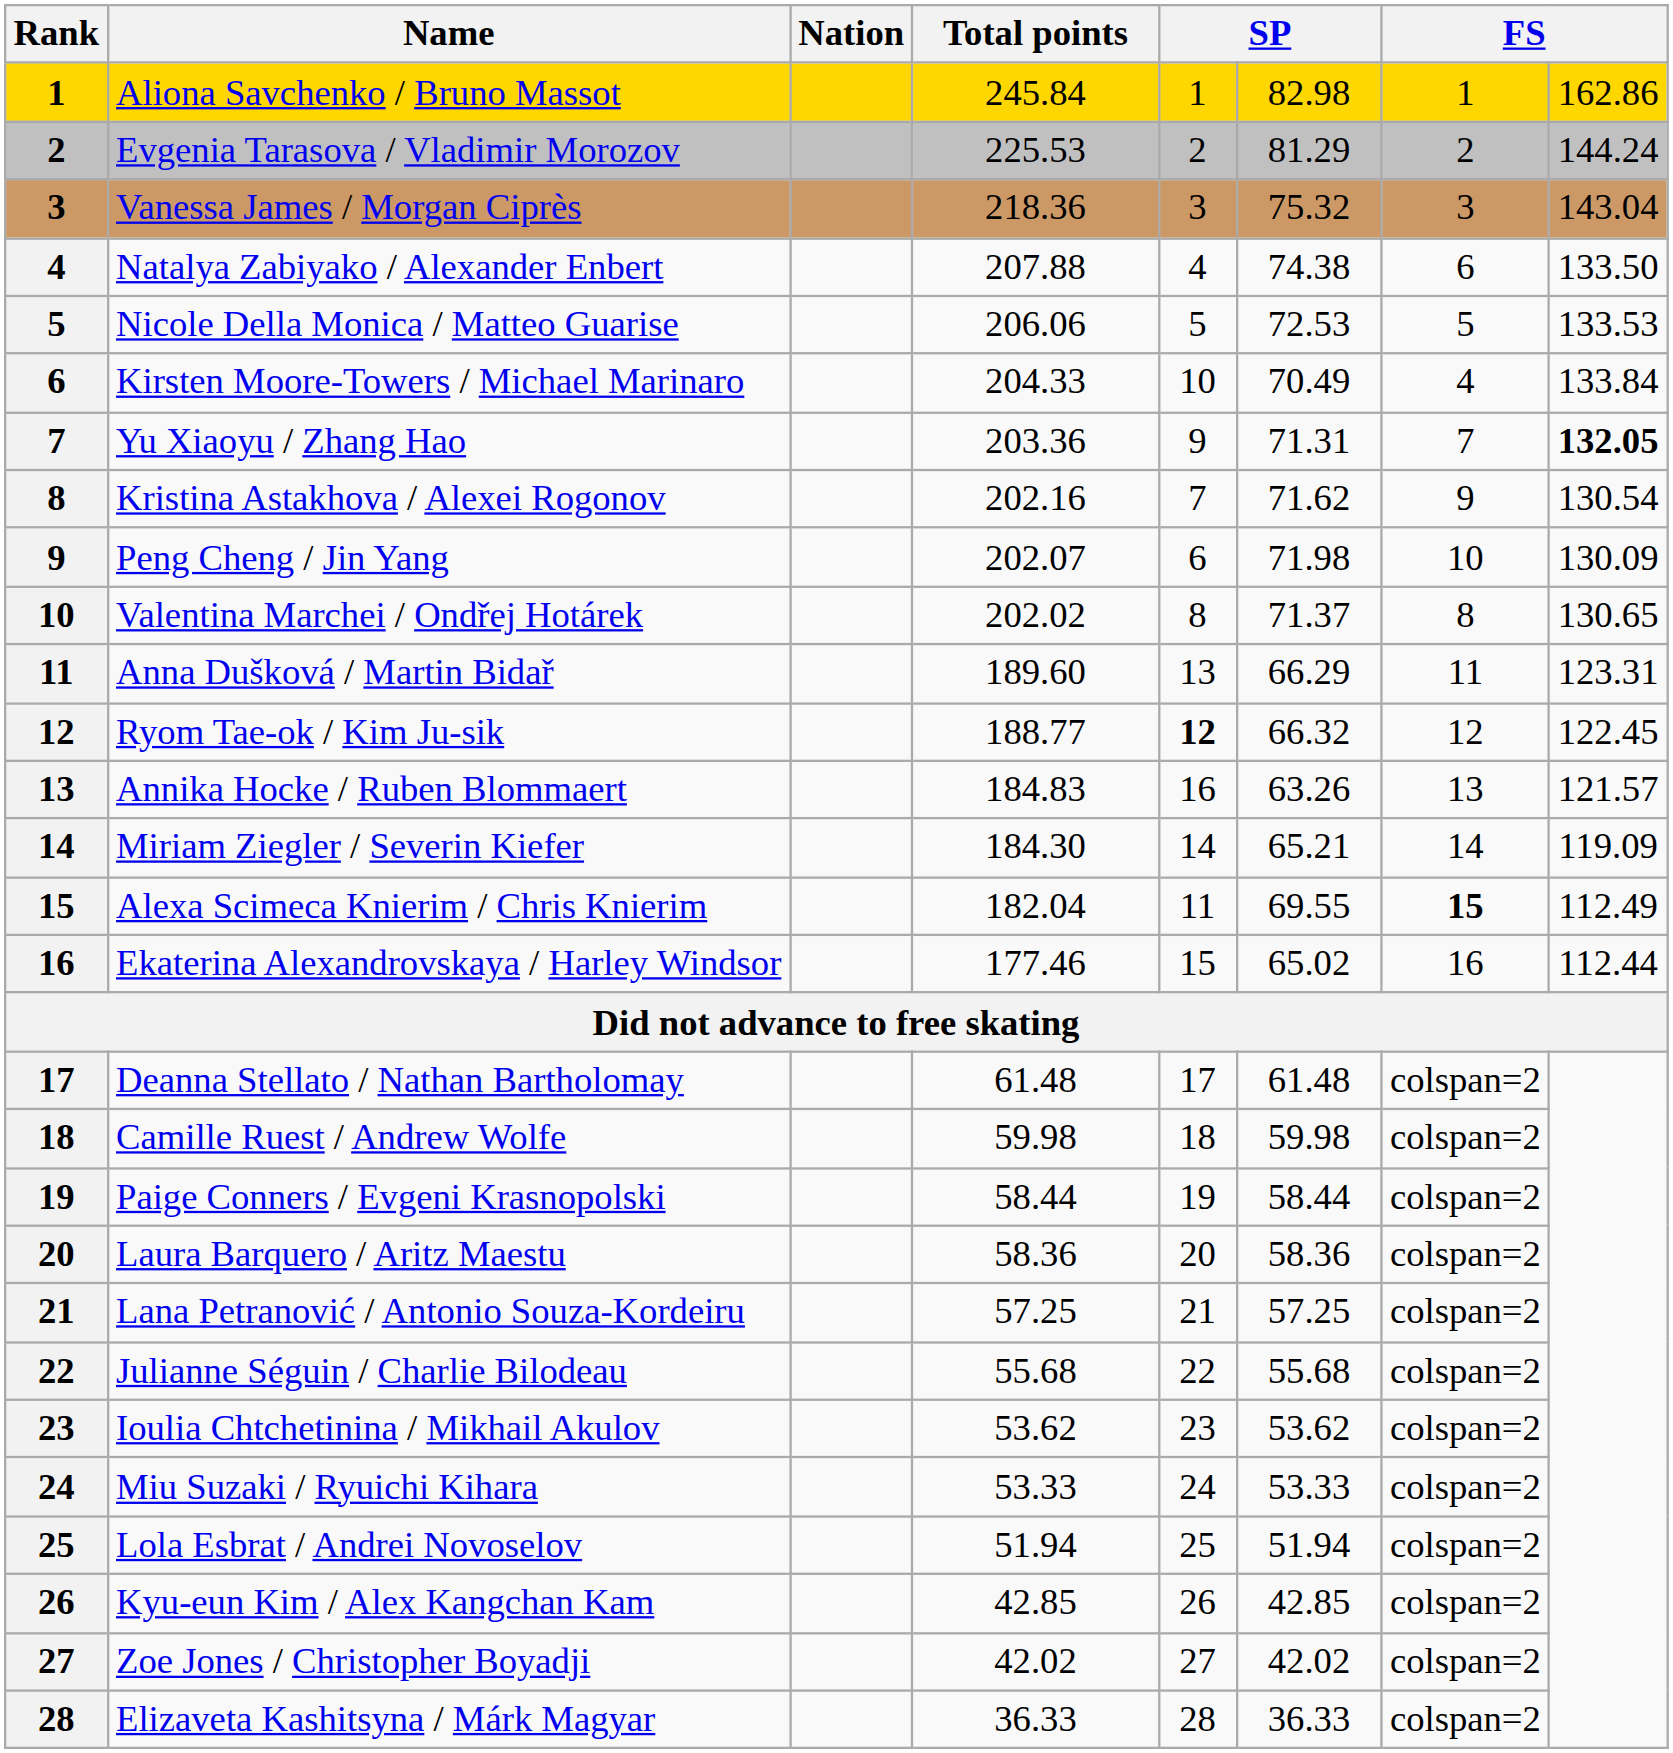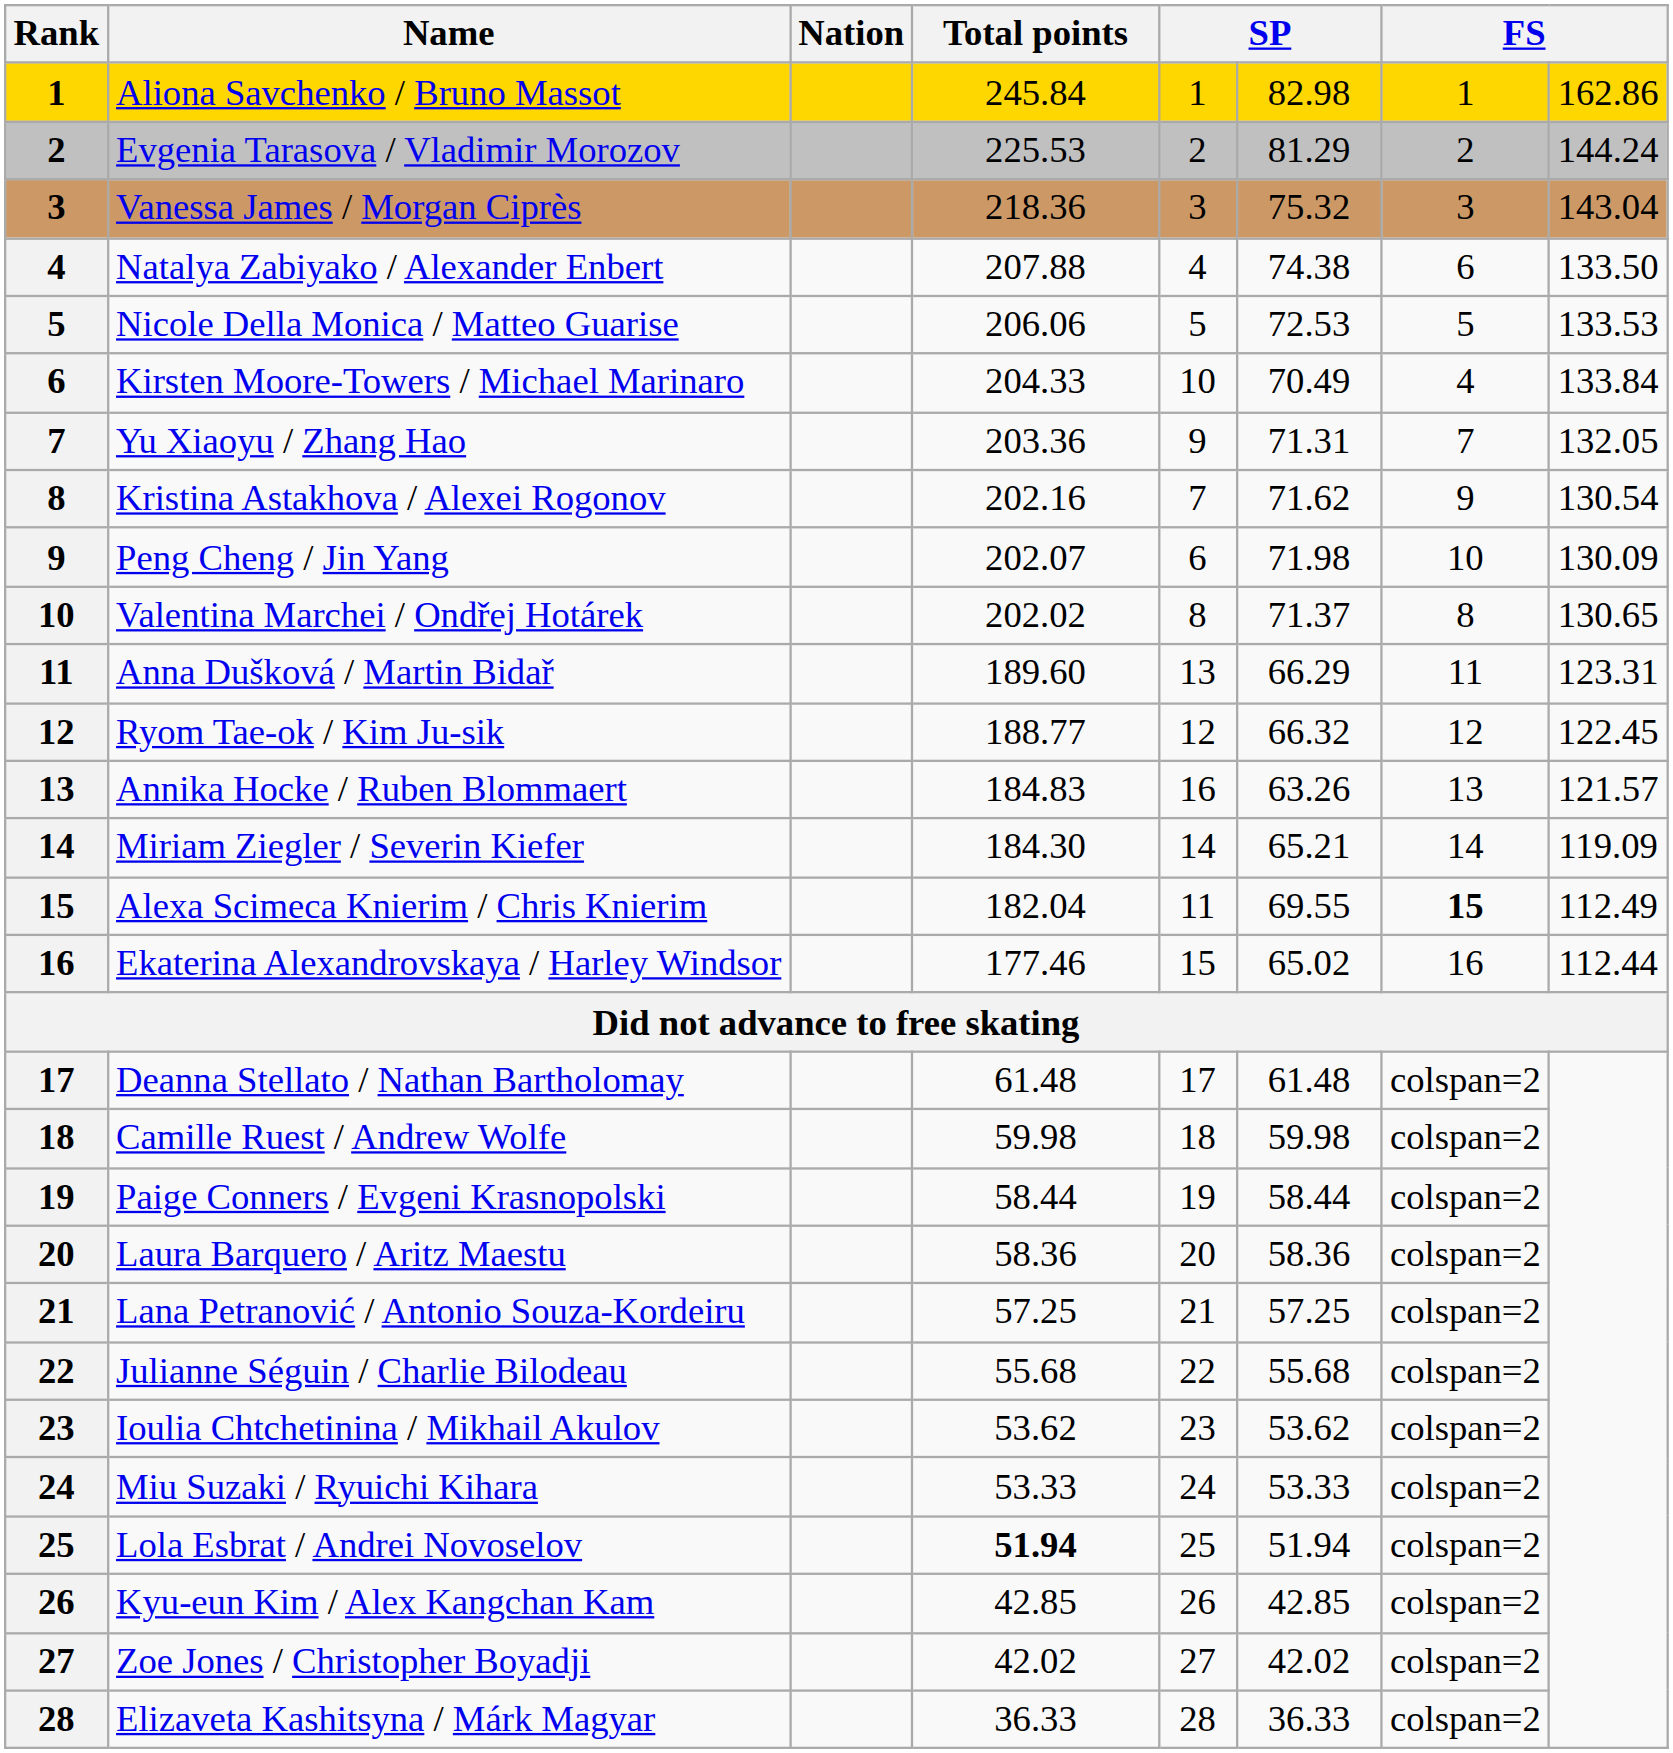 <table class="wikitable sortable">
 <tr>
 <th>Rank</th>
 <th>Name</th>
 <th>Nation</th>
 <th width="100px">Total points</th>
 <th colspan="2" width="90px"><a href='#'>SP</a></th>
 <th colspan="2" width="90px"><a href='#'>FS</a></th>
 </tr>
 <tr bgcolor="gold">
 <td align="center" bgcolor="gold"><strong>1</strong></td>
 <td><a href='#'>Aliona Savchenko</a> / <a href='#'>Bruno Massot</a></td>
 <td></td>
 <td align="center">245.84</td>
 <td align="center">1</td>
 <td align="center">82.98</td>
 <td align="center">1</td>
 <td align="center">162.86</td>
 </tr>
 <tr bgcolor="silver">
 <td align="center" bgcolor="silver"><strong>2</strong></td>
 <td><a href='#'>Evgenia Tarasova</a> / <a href='#'>Vladimir Morozov</a></td>
 <td></td>
 <td align="center">225.53</td>
 <td align="center">2</td>
 <td align="center">81.29</td>
 <td align="center">2</td>
 <td align="center">144.24</td>
 </tr>
 <tr bgcolor="#cc9966">
 <td align="center" bgcolor="#cc9966"><strong>3</strong></td>
 <td><a href='#'>Vanessa James</a> / <a href='#'>Morgan Ciprès</a></td>
 <td></td>
 <td align="center">218.36</td>
 <td align="center">3</td>
 <td align="center">75.32</td>
 <td align="center">3</td>
 <td align="center">143.04</td>
 </tr>
 <tr>
 <th>4</th>
 <td><a href='#'>Natalya Zabiyako</a> / <a href='#'>Alexander Enbert</a></td>
 <td></td>
 <td align="center">207.88</td>
 <td align="center">4</td>
 <td align="center">74.38</td>
 <td align="center">6</td>
 <td align="center">133.50</td>
 </tr>
 <tr>
 <th>5</th>
 <td><a href='#'>Nicole Della Monica</a> / <a href='#'>Matteo Guarise</a></td>
 <td></td>
 <td align="center">206.06</td>
 <td align="center">5</td>
 <td align="center">72.53</td>
 <td align="center">5</td>
 <td align="center">133.53</td>
 </tr>
 <tr>
 <th>6</th>
 <td><a href='#'>Kirsten Moore-Towers</a> / <a href='#'>Michael Marinaro</a></td>
 <td></td>
 <td align="center">204.33</td>
 <td align="center">10</td>
 <td align="center">70.49</td>
 <td align="center">4</td>
 <td align="center">133.84</td>
 </tr>
 <tr>
 <th>7</th>
 <td><a href='#'>Yu Xiaoyu</a> / <a href='#'>Zhang Hao</a></td>
 <td></td>
 <td align="center">203.36</td>
 <td align="center">9</td>
 <td align="center">71.31</td>
 <td align="center">7</td>
-<td align="center"><strong>132.05</strong></td>
+<td align="center">132.05</td>
 </tr>
 <tr>
 <th>8</th>
 <td><a href='#'>Kristina Astakhova</a> / <a href='#'>Alexei Rogonov</a></td>
 <td></td>
 <td align="center">202.16</td>
 <td align="center">7</td>
 <td align="center">71.62</td>
 <td align="center">9</td>
 <td align="center">130.54</td>
 </tr>
 <tr>
 <th>9</th>
 <td><a href='#'>Peng Cheng</a> / <a href='#'>Jin Yang</a></td>
 <td></td>
 <td align="center">202.07</td>
 <td align="center">6</td>
 <td align="center">71.98</td>
 <td align="center">10</td>
 <td align="center">130.09</td>
 </tr>
 <tr>
 <th>10</th>
 <td><a href='#'>Valentina Marchei</a> / <a href='#'>Ondřej Hotárek</a></td>
 <td></td>
 <td align="center">202.02</td>
 <td align="center">8</td>
 <td align="center">71.37</td>
 <td align="center">8</td>
 <td align="center">130.65</td>
 </tr>
 <tr>
 <th>11</th>
 <td><a href='#'>Anna Dušková</a> / <a href='#'>Martin Bidař</a></td>
 <td></td>
 <td align="center">189.60</td>
 <td align="center">13</td>
 <td align="center">66.29</td>
 <td align="center">11</td>
 <td align="center">123.31</td>
 </tr>
 <tr>
 <th>12</th>
 <td><a href='#'>Ryom Tae-ok</a> / <a href='#'>Kim Ju-sik</a></td>
 <td></td>
 <td align="center">188.77</td>
-<td align="center"><strong>12</strong></td>
+<td align="center">12</td>
 <td align="center">66.32</td>
 <td align="center">12</td>
 <td align="center">122.45</td>
 </tr>
 <tr>
 <th>13</th>
 <td><a href='#'>Annika Hocke</a> / <a href='#'>Ruben Blommaert</a></td>
 <td></td>
 <td align="center">184.83</td>
 <td align="center">16</td>
 <td align="center">63.26</td>
 <td align="center">13</td>
 <td align="center">121.57</td>
 </tr>
 <tr>
 <th>14</th>
 <td><a href='#'>Miriam Ziegler</a> / <a href='#'>Severin Kiefer</a></td>
 <td></td>
 <td align="center">184.30</td>
 <td align="center">14</td>
 <td align="center">65.21</td>
 <td align="center">14</td>
 <td align="center">119.09</td>
 </tr>
 <tr>
 <th>15</th>
 <td><a href='#'>Alexa Scimeca Knierim</a> / <a href='#'>Chris Knierim</a></td>
 <td></td>
 <td align="center">182.04</td>
 <td align="center">11</td>
 <td align="center">69.55</td>
 <td align="center"><strong>15</strong></td>
 <td align="center">112.49</td>
 </tr>
 <tr>
 <th>16</th>
 <td><a href='#'>Ekaterina Alexandrovskaya</a> / <a href='#'>Harley Windsor</a></td>
 <td></td>
 <td align="center">177.46</td>
 <td align="center">15</td>
 <td align="center">65.02</td>
 <td align="center">16</td>
 <td align="center">112.44</td>
 </tr>
 <tr>
 <th colspan=8>Did not advance to free skating</th>
 </tr>
 <tr>
 <th>17</th>
 <td><a href='#'>Deanna Stellato</a> / <a href='#'>Nathan Bartholomay</a></td>
 <td></td>
 <td align="center">61.48</td>
 <td align="center">17</td>
 <td align="center">61.48</td>
 <td>colspan=2 </td>
 </tr>
 <tr>
 <th>18</th>
 <td><a href='#'>Camille Ruest</a> / <a href='#'>Andrew Wolfe</a></td>
 <td></td>
 <td align="center">59.98</td>
 <td align="center">18</td>
 <td align="center">59.98</td>
 <td>colspan=2 </td>
 </tr>
 <tr>
 <th>19</th>
 <td><a href='#'>Paige Conners</a> / <a href='#'>Evgeni Krasnopolski</a></td>
 <td></td>
 <td align="center">58.44</td>
 <td align="center">19</td>
 <td align="center">58.44</td>
 <td>colspan=2 </td>
 </tr>
 <tr>
 <th>20</th>
 <td><a href='#'>Laura Barquero</a> / <a href='#'>Aritz Maestu</a></td>
 <td></td>
 <td align="center">58.36</td>
 <td align="center">20</td>
 <td align="center">58.36</td>
 <td>colspan=2 </td>
 </tr>
 <tr>
 <th>21</th>
 <td><a href='#'>Lana Petranović</a> / <a href='#'>Antonio Souza-Kordeiru</a></td>
 <td></td>
 <td align="center">57.25</td>
 <td align="center">21</td>
 <td align="center">57.25</td>
 <td>colspan=2 </td>
 </tr>
 <tr>
 <th>22</th>
 <td><a href='#'>Julianne Séguin</a> / <a href='#'>Charlie Bilodeau</a></td>
 <td></td>
 <td align="center">55.68</td>
 <td align="center">22</td>
 <td align="center">55.68</td>
 <td>colspan=2 </td>
 </tr>
 <tr>
 <th>23</th>
 <td><a href='#'>Ioulia Chtchetinina</a> / <a href='#'>Mikhail Akulov</a></td>
 <td></td>
 <td align="center">53.62</td>
 <td align="center">23</td>
 <td align="center">53.62</td>
 <td>colspan=2 </td>
 </tr>
 <tr>
 <th>24</th>
 <td><a href='#'>Miu Suzaki</a> / <a href='#'>Ryuichi Kihara</a></td>
 <td></td>
 <td align="center">53.33</td>
 <td align="center">24</td>
 <td align="center">53.33</td>
 <td>colspan=2 </td>
 </tr>
 <tr>
 <th>25</th>
 <td><a href='#'>Lola Esbrat</a> / <a href='#'>Andrei Novoselov</a></td>
 <td></td>
-<td align="center">51.94</td>
+<td align="center"><strong>51.94</strong></td>
 <td align="center">25</td>
 <td align="center">51.94</td>
 <td>colspan=2 </td>
 </tr>
 <tr>
 <th>26</th>
 <td><a href='#'>Kyu-eun Kim</a> / <a href='#'>Alex Kangchan Kam</a></td>
 <td></td>
 <td align="center">42.85</td>
 <td align="center">26</td>
 <td align="center">42.85</td>
 <td>colspan=2 </td>
 </tr>
 <tr>
 <th>27</th>
 <td><a href='#'>Zoe Jones</a> / <a href='#'>Christopher Boyadji</a></td>
 <td></td>
 <td align="center">42.02</td>
 <td align="center">27</td>
 <td align="center">42.02</td>
 <td>colspan=2 </td>
 </tr>
 <tr>
 <th>28</th>
 <td><a href='#'>Elizaveta Kashitsyna</a> / <a href='#'>Márk Magyar</a></td>
 <td></td>
 <td align="center">36.33</td>
 <td align="center">28</td>
 <td align="center">36.33</td>
 <td>colspan=2 </td>
 </tr>
 </table>
